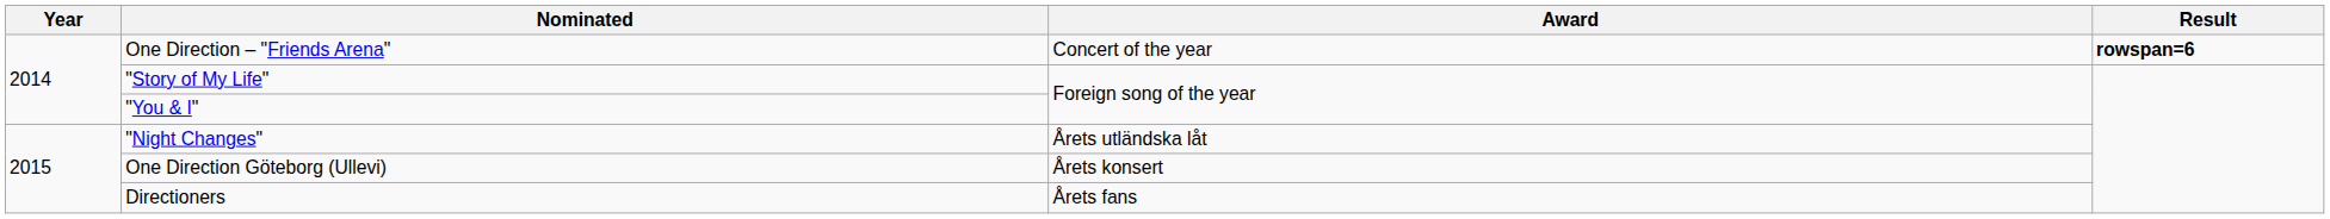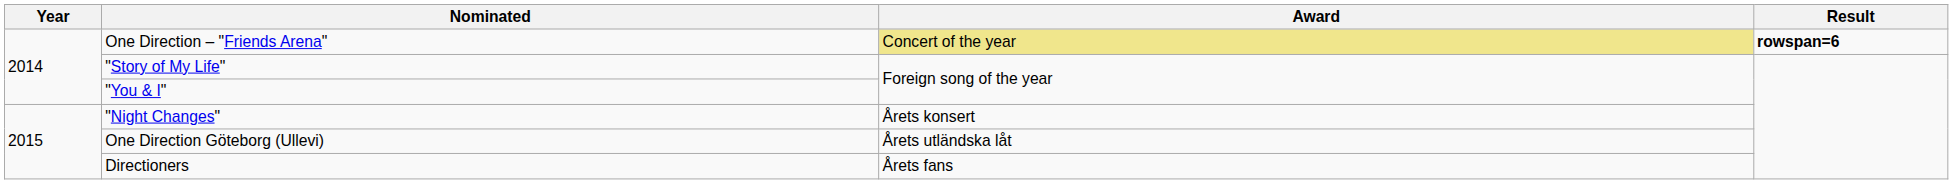 <table class="wikitable" style="width:100%;">
 <tr>
 <th width=5%>Year</th>
 <th style="width:40%;">Nominated</th>
 <th style="width:45%;">Award</th>
 <th style="width:10%;">Result</th>
 </tr>
 <tr>
 <td rowspan="3">2014</td>
 <td>One Direction – "<a href='#'>Friends Arena</a>"</td>
-<td>Concert of the year</td>
+<td style="background: khaki;">Concert of the year</td>
 <td><strong>rowspan=6 </strong></td>
 </tr>
 <tr>
 <td>"<a href='#'>Story of My Life</a>"</td>
 <td rowspan="2">Foreign song of the year</td>
 </tr>
 <tr>
 <td>"<a href='#'>You & I</a>"</td>
 </tr>
 <tr>
 <td rowspan="3">2015</td>
 <td>"<a href='#'>Night Changes</a>"</td>
-<td>Årets utländska låt</td>
+<td>Årets konsert</td>
 </tr>
 <tr>
 <td>One Direction Göteborg (Ullevi)</td>
-<td>Årets konsert</td>
+<td>Årets utländska låt</td>
 </tr>
 <tr>
 <td>Directioners</td>
 <td>Årets fans</td>
 </tr>
 </table>
